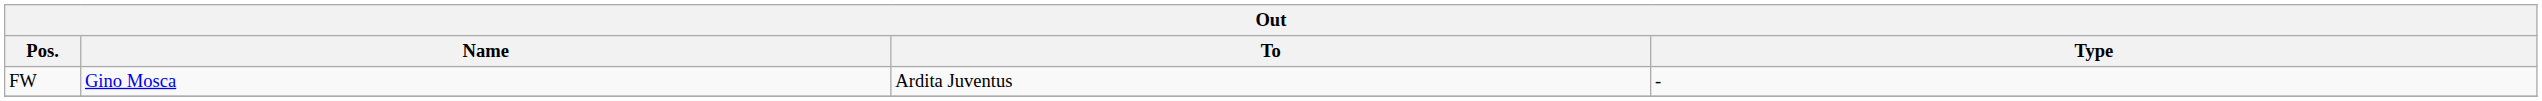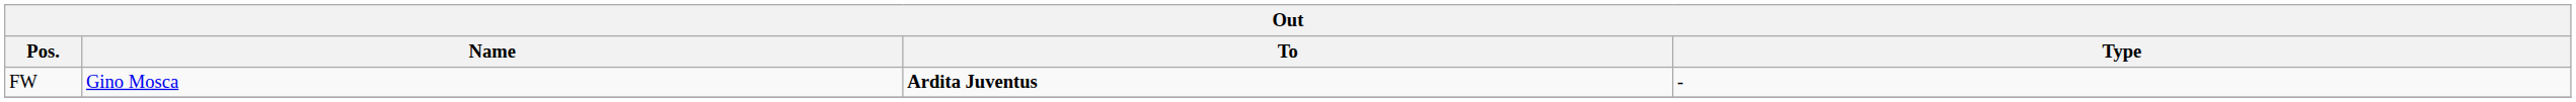 <table class="wikitable" style="font-size:90%;width:99%;">
 <tr>
 <th colspan="4">Out</th>
 </tr>
 <tr>
 <th width=3%>Pos.</th>
 <th width=32%>Name</th>
 <th width=30%>To</th>
 <th width=35%>Type</th>
 </tr>
 <tr>
 <td>FW</td>
 <td><a href='#'>Gino Mosca</a></td>
-<td>Ardita Juventus</td>
+<td><strong>Ardita Juventus</strong></td>
 <td>-</td>
 </tr>
 <tr>
 </tr>
 </table>
